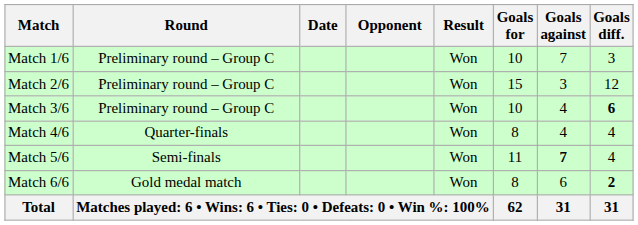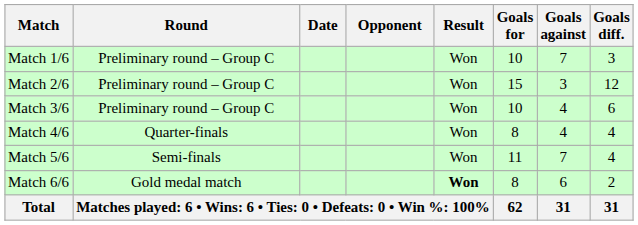 <table class="wikitable sortable" style="text-align: center; font-size: 85%; margin-left: 1em;">
 <tr>
 <th>Match</th>
 <th>Round</th>
 <th>Date</th>
 <th>Opponent</th>
 <th>Result</th>
 <th>Goals<br>for</th>
 <th>Goals<br>against</th>
 <th>Goals<br>diff.</th>
 </tr>
 <tr style="background-color: #ccffcc;">
 <td>Match 1/6</td>
 <td>Preliminary round – Group C</td>
 <td style="text-align: right;"></td>
 <td style="text-align: left;"></td>
 <td>Won</td>
 <td>10</td>
 <td>7</td>
 <td>3</td>
 </tr>
 <tr style="background-color: #ccffcc;">
 <td>Match 2/6</td>
 <td>Preliminary round – Group C</td>
 <td style="text-align: right;"></td>
 <td style="text-align: left;"></td>
 <td>Won</td>
 <td>15</td>
 <td>3</td>
 <td>12</td>
 </tr>
 <tr style="background-color: #ccffcc;">
 <td>Match 3/6</td>
 <td>Preliminary round – Group C</td>
 <td style="text-align: right;"></td>
 <td style="text-align: left;"></td>
 <td>Won</td>
 <td>10</td>
 <td>4</td>
-<td><strong>6</strong></td>
+<td>6</td>
 </tr>
 <tr style="background-color: #ccffcc;">
 <td>Match 4/6</td>
 <td>Quarter-finals</td>
 <td style="text-align: right;"></td>
 <td style="text-align: left;"></td>
 <td>Won</td>
 <td>8</td>
 <td>4</td>
 <td>4</td>
 </tr>
 <tr style="background-color: #ccffcc;">
 <td>Match 5/6</td>
 <td>Semi-finals</td>
 <td style="text-align: right;"></td>
 <td style="text-align: left;"></td>
 <td>Won</td>
 <td>11</td>
-<td><strong>7</strong></td>
+<td>7</td>
 <td>4</td>
 </tr>
 <tr style="background-color: #ccffcc;">
 <td>Match 6/6</td>
 <td>Gold medal match</td>
 <td style="text-align: right;"></td>
 <td style="text-align: left;"></td>
-<td>Won</td>
+<td><strong>Won</strong></td>
 <td>8</td>
 <td>6</td>
-<td><strong>2</strong></td>
+<td>2</td>
 </tr>
 <tr>
 <th>Total</th>
 <th colspan="4">Matches played: 6 • Wins: 6 • Ties: 0 • Defeats: 0 • Win %: 100%</th>
 <th>62</th>
 <th>31</th>
 <th>31</th>
 </tr>
 </table>
